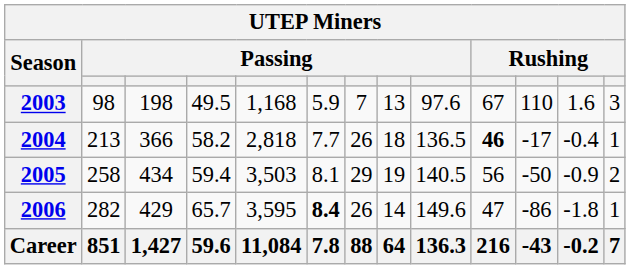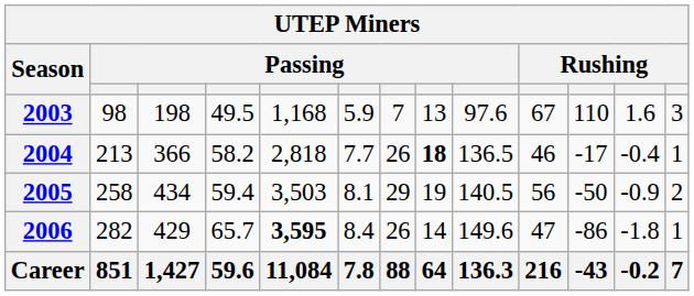 <table class="wikitable" style="text-align:center;">
 <tr>
 <th colspan="13">UTEP Miners</th>
 </tr>
 <tr>
 <th rowspan="2">Season</th>
 <th colspan="8">Passing</th>
 <th colspan="4">Rushing</th>
 </tr>
 <tr>
 <th></th>
 <th></th>
 <th></th>
 <th></th>
 <th></th>
 <th></th>
 <th></th>
 <th></th>
 <th></th>
 <th></th>
 <th></th>
 <th></th>
 </tr>
 <tr>
 <th><a href='#'>2003</a></th>
 <td>98</td>
 <td>198</td>
 <td>49.5</td>
 <td>1,168</td>
 <td>5.9</td>
 <td>7</td>
 <td>13</td>
 <td>97.6</td>
 <td>67</td>
 <td>110</td>
 <td>1.6</td>
 <td>3</td>
 </tr>
 <tr>
 <th><a href='#'>2004</a></th>
 <td>213</td>
 <td>366</td>
 <td>58.2</td>
 <td>2,818</td>
 <td>7.7</td>
 <td>26</td>
-<td>18</td>
+<td><strong>18</strong></td>
 <td>136.5</td>
-<td><strong>46</strong></td>
+<td>46</td>
 <td>-17</td>
 <td>-0.4</td>
 <td>1</td>
 </tr>
 <tr>
 <th><a href='#'>2005</a></th>
 <td>258</td>
 <td>434</td>
 <td>59.4</td>
 <td>3,503</td>
 <td>8.1</td>
 <td>29</td>
 <td>19</td>
 <td>140.5</td>
 <td>56</td>
 <td>-50</td>
 <td>-0.9</td>
 <td>2</td>
 </tr>
 <tr>
 <th><a href='#'>2006</a></th>
 <td>282</td>
 <td>429</td>
 <td>65.7</td>
-<td>3,595</td>
-<td><strong>8.4</strong></td>
+<td><strong>3,595</strong></td>
+<td>8.4</td>
 <td>26</td>
 <td>14</td>
 <td>149.6</td>
 <td>47</td>
 <td>-86</td>
 <td>-1.8</td>
 <td>1</td>
 </tr>
 <tr>
 <th>Career</th>
 <th>851</th>
 <th>1,427</th>
 <th>59.6</th>
 <th>11,084</th>
 <th>7.8</th>
 <th>88</th>
 <th>64</th>
 <th>136.3</th>
 <th>216</th>
 <th>-43</th>
 <th>-0.2</th>
 <th>7</th>
 </tr>
 </table>
